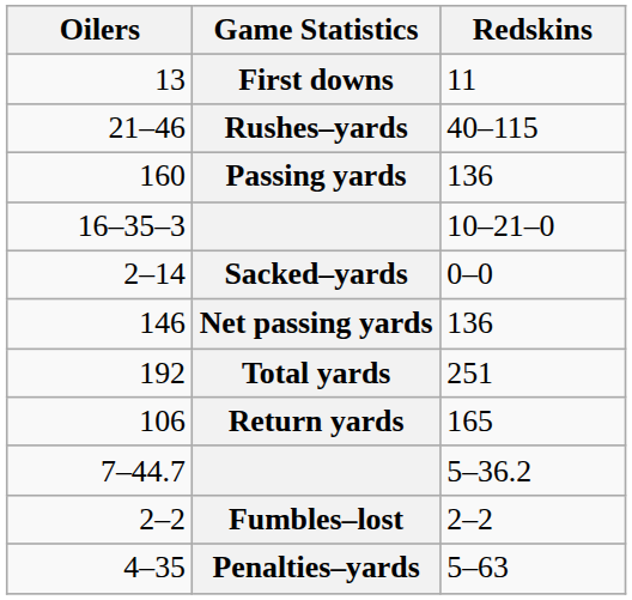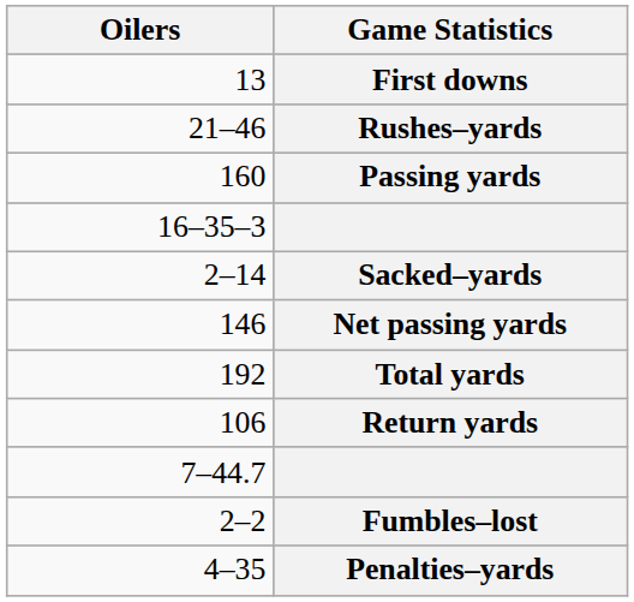 <table class="wikitable" style="margin: 1em auto 1em auto">
 <tr>
 <th style="width:30%;">Oilers</th>
 <th style="width:40%;">Game Statistics</th>
-<th style="width:30%;">Redskins</th>
 </tr>
 <tr>
 <td style="text-align:right;">13</td>
 <th>First downs</th>
-<td>11</td>
 </tr>
 <tr>
 <td style="text-align:right;">21–46</td>
 <th>Rushes–yards</th>
-<td>40–115</td>
 </tr>
 <tr>
 <td style="text-align:right;">160</td>
 <th>Passing yards</th>
-<td>136</td>
 </tr>
 <tr>
 <td style="text-align:right;">16–35–3</td>
 <th></th>
-<td>10–21–0</td>
 </tr>
 <tr>
 <td style="text-align:right;">2–14</td>
 <th>Sacked–yards</th>
-<td>0–0</td>
 </tr>
 <tr>
 <td style="text-align:right;">146</td>
 <th>Net passing yards</th>
-<td>136</td>
 </tr>
 <tr>
 <td style="text-align:right;">192</td>
 <th>Total yards</th>
-<td>251</td>
 </tr>
 <tr>
 <td style="text-align:right;">106</td>
 <th>Return yards</th>
-<td>165</td>
 </tr>
 <tr>
 <td style="text-align:right;">7–44.7</td>
 <th></th>
-<td>5–36.2</td>
 </tr>
 <tr>
 <td style="text-align:right;">2–2</td>
 <th>Fumbles–lost</th>
-<td>2–2</td>
 </tr>
 <tr>
 <td style="text-align:right;">4–35</td>
 <th>Penalties–yards</th>
-<td>5–63</td>
 </tr>
 </table>
